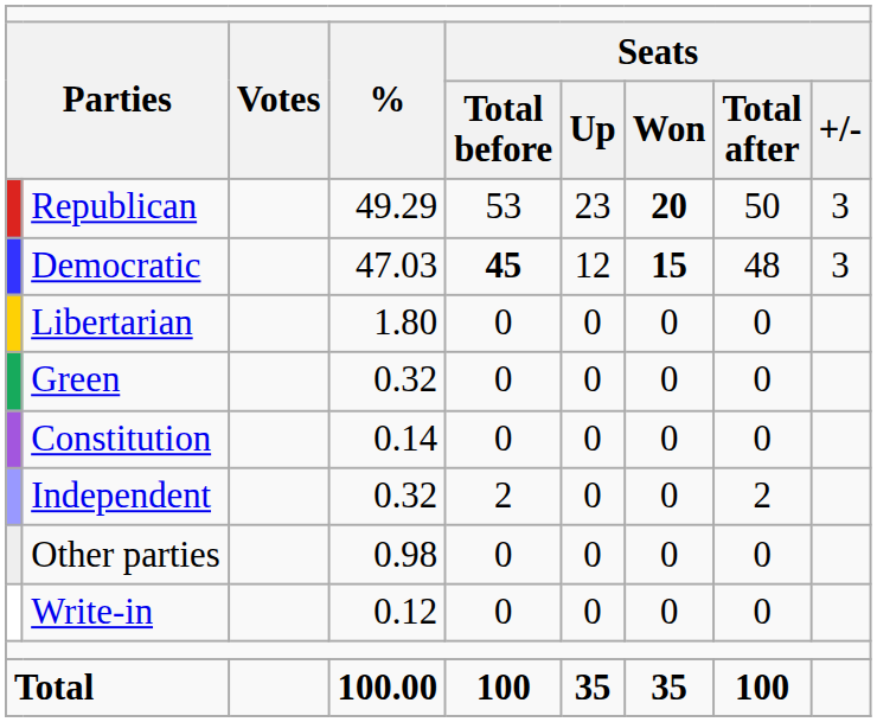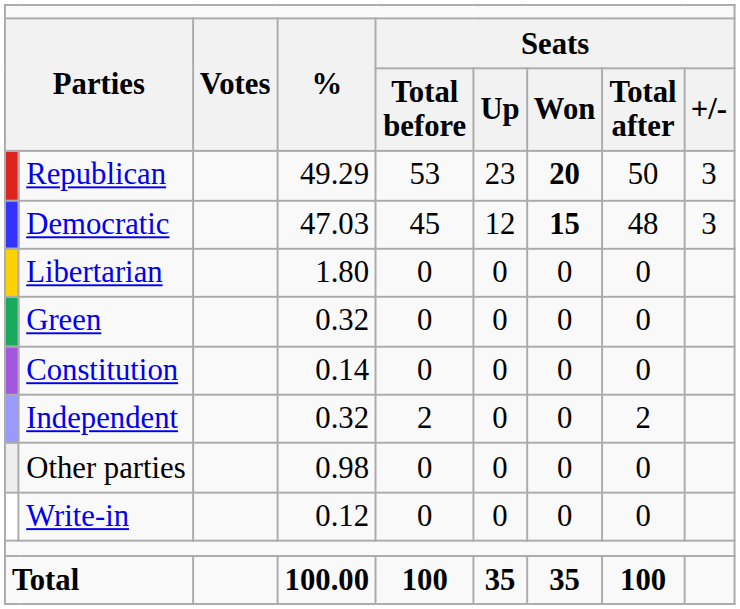 <table class="wikitable centre" style="text-align: center">
 <tr>
 <td colspan=10 align="center"></td>
 </tr>
 <tr>
 <th scope=col colspan=2 rowspan=2>Parties</th>
 <th scope=col rowspan=2>Votes</th>
 <th scope=col rowspan=2>%</th>
 <th scope=col colspan=5>Seats</th>
 </tr>
 <tr>
 <th scope="col">Total<br>before</th>
 <th scope="col">Up</th>
 <th scope="col">Won</th>
 <th scope="col">Total<br>after</th>
 <th scope="col">+/-</th>
 </tr>
 <tr>
 <td bgcolor=#DC241f></td>
 <td align=left><a href='#'>Republican</a></td>
 <td align=right></td>
 <td align=right>49.29</td>
 <td>53</td>
 <td>23</td>
 <td><strong>20</strong></td>
 <td>50</td>
 <td> 3</td>
 </tr>
 <tr>
 <td bgcolor=#3333FF></td>
 <td align=left><a href='#'>Democratic</a></td>
 <td align=right></td>
 <td align=right>47.03</td>
-<td><strong>45</strong></td>
+<td>45</td>
 <td>12</td>
 <td><strong>15</strong></td>
 <td>48</td>
 <td> 3</td>
 </tr>
 <tr>
 <td bgcolor=#FED105></td>
 <td align=left><a href='#'>Libertarian</a></td>
 <td align=right></td>
 <td align=right>1.80</td>
 <td>0</td>
 <td>0</td>
 <td>0</td>
 <td>0</td>
 <td></td>
 </tr>
 <tr>
 <td bgcolor=#17aa5c></td>
 <td align=left><a href='#'>Green</a></td>
 <td align=right></td>
 <td align=right>0.32</td>
 <td>0</td>
 <td>0</td>
 <td>0</td>
 <td>0</td>
 <td></td>
 </tr>
 <tr>
 <td bgcolor=#A356DE></td>
 <td align=left><a href='#'>Constitution</a></td>
 <td align=right></td>
 <td align=right>0.14</td>
 <td>0</td>
 <td>0</td>
 <td>0</td>
 <td>0</td>
 <td></td>
 </tr>
 <tr>
 <td bgcolor=#9999FF></td>
 <td align=left><a href='#'>Independent</a></td>
 <td align=right></td>
 <td align=right>0.32</td>
 <td>2</td>
 <td>0</td>
 <td>0</td>
 <td>2</td>
 <td></td>
 </tr>
 <tr>
 <td bgcolor=#EEEEEE></td>
 <td align=left>Other parties</td>
 <td align=right></td>
 <td align=right>0.98</td>
 <td>0</td>
 <td>0</td>
 <td>0</td>
 <td>0</td>
 <td></td>
 </tr>
 <tr>
 <td bgcolor=#FFFFFF></td>
 <td align=left><a href='#'>Write-in</a></td>
 <td align=right></td>
 <td align=right>0.12</td>
 <td>0</td>
 <td>0</td>
 <td>0</td>
 <td>0</td>
 <td></td>
 </tr>
 <tr>
 <td colspan="10"></td>
 </tr>
 <tr style="font-weight:bold;">
 <td align=left colspan=2>Total</td>
 <td align=right></td>
 <td align=right>100.00</td>
 <td>100</td>
 <td>35</td>
 <td>35</td>
 <td>100</td>
 <td></td>
 </tr>
 </table>
